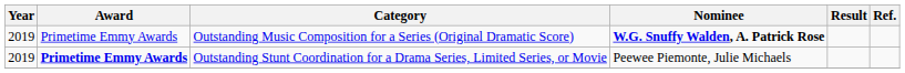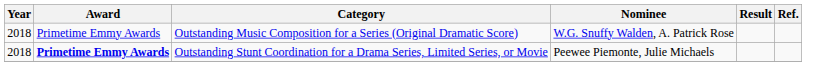 <table class="wikitable">
 <tr>
 <th>Year</th>
 <th>Award</th>
 <th>Category</th>
 <th>Nominee</th>
 <th>Result</th>
 <th>Ref.</th>
 </tr>
 <tr>
-<td>2019</td>
+<td>2018</td>
 <td><a href='#'>Primetime Emmy Awards</a></td>
 <td><a href='#'>Outstanding Music Composition for a Series (Original Dramatic Score)</a></td>
-<td><strong><a href='#'>W.G. Snuffy Walden</a>, A. Patrick Rose</strong></td>
+<td><a href='#'>W.G. Snuffy Walden</a>, A. Patrick Rose</td>
 <td></td>
 <td></td>
 </tr>
 <tr>
-<td>2019</td>
+<td>2018</td>
 <td><strong><a href='#'>Primetime Emmy Awards</a></strong></td>
 <td><a href='#'>Outstanding Stunt Coordination for a Drama Series, Limited Series, or Movie</a></td>
 <td>Peewee Piemonte, Julie Michaels</td>
 <td></td>
 <td></td>
 </tr>
 <tr>
 </tr>
 </table>
